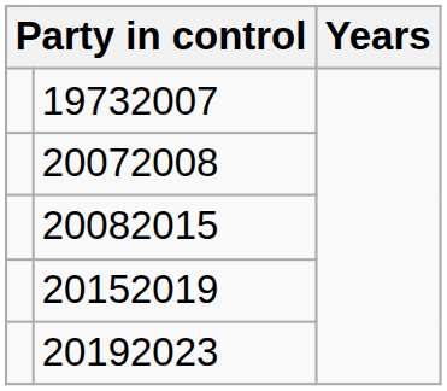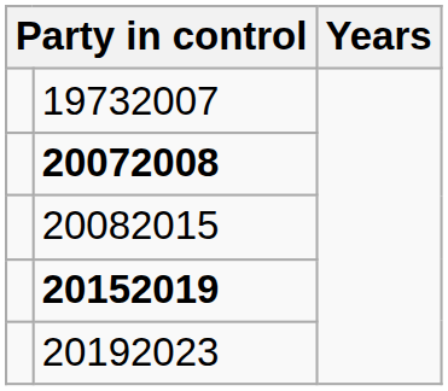 <table class="wikitable">
 <tr>
 <th colspan="2">Party in control</th>
 <th>Years</th>
 </tr>
 <tr>
 <td></td>
 <td>19732007</td>
 </tr>
 <tr>
 <td></td>
-<td>20072008</td>
+<td><strong>20072008</strong></td>
 </tr>
 <tr>
 <td></td>
 <td>20082015</td>
 </tr>
 <tr>
 <td></td>
-<td>20152019</td>
+<td><strong>20152019</strong></td>
 </tr>
 <tr>
 <td></td>
 <td>20192023</td>
 </tr>
 </table>
